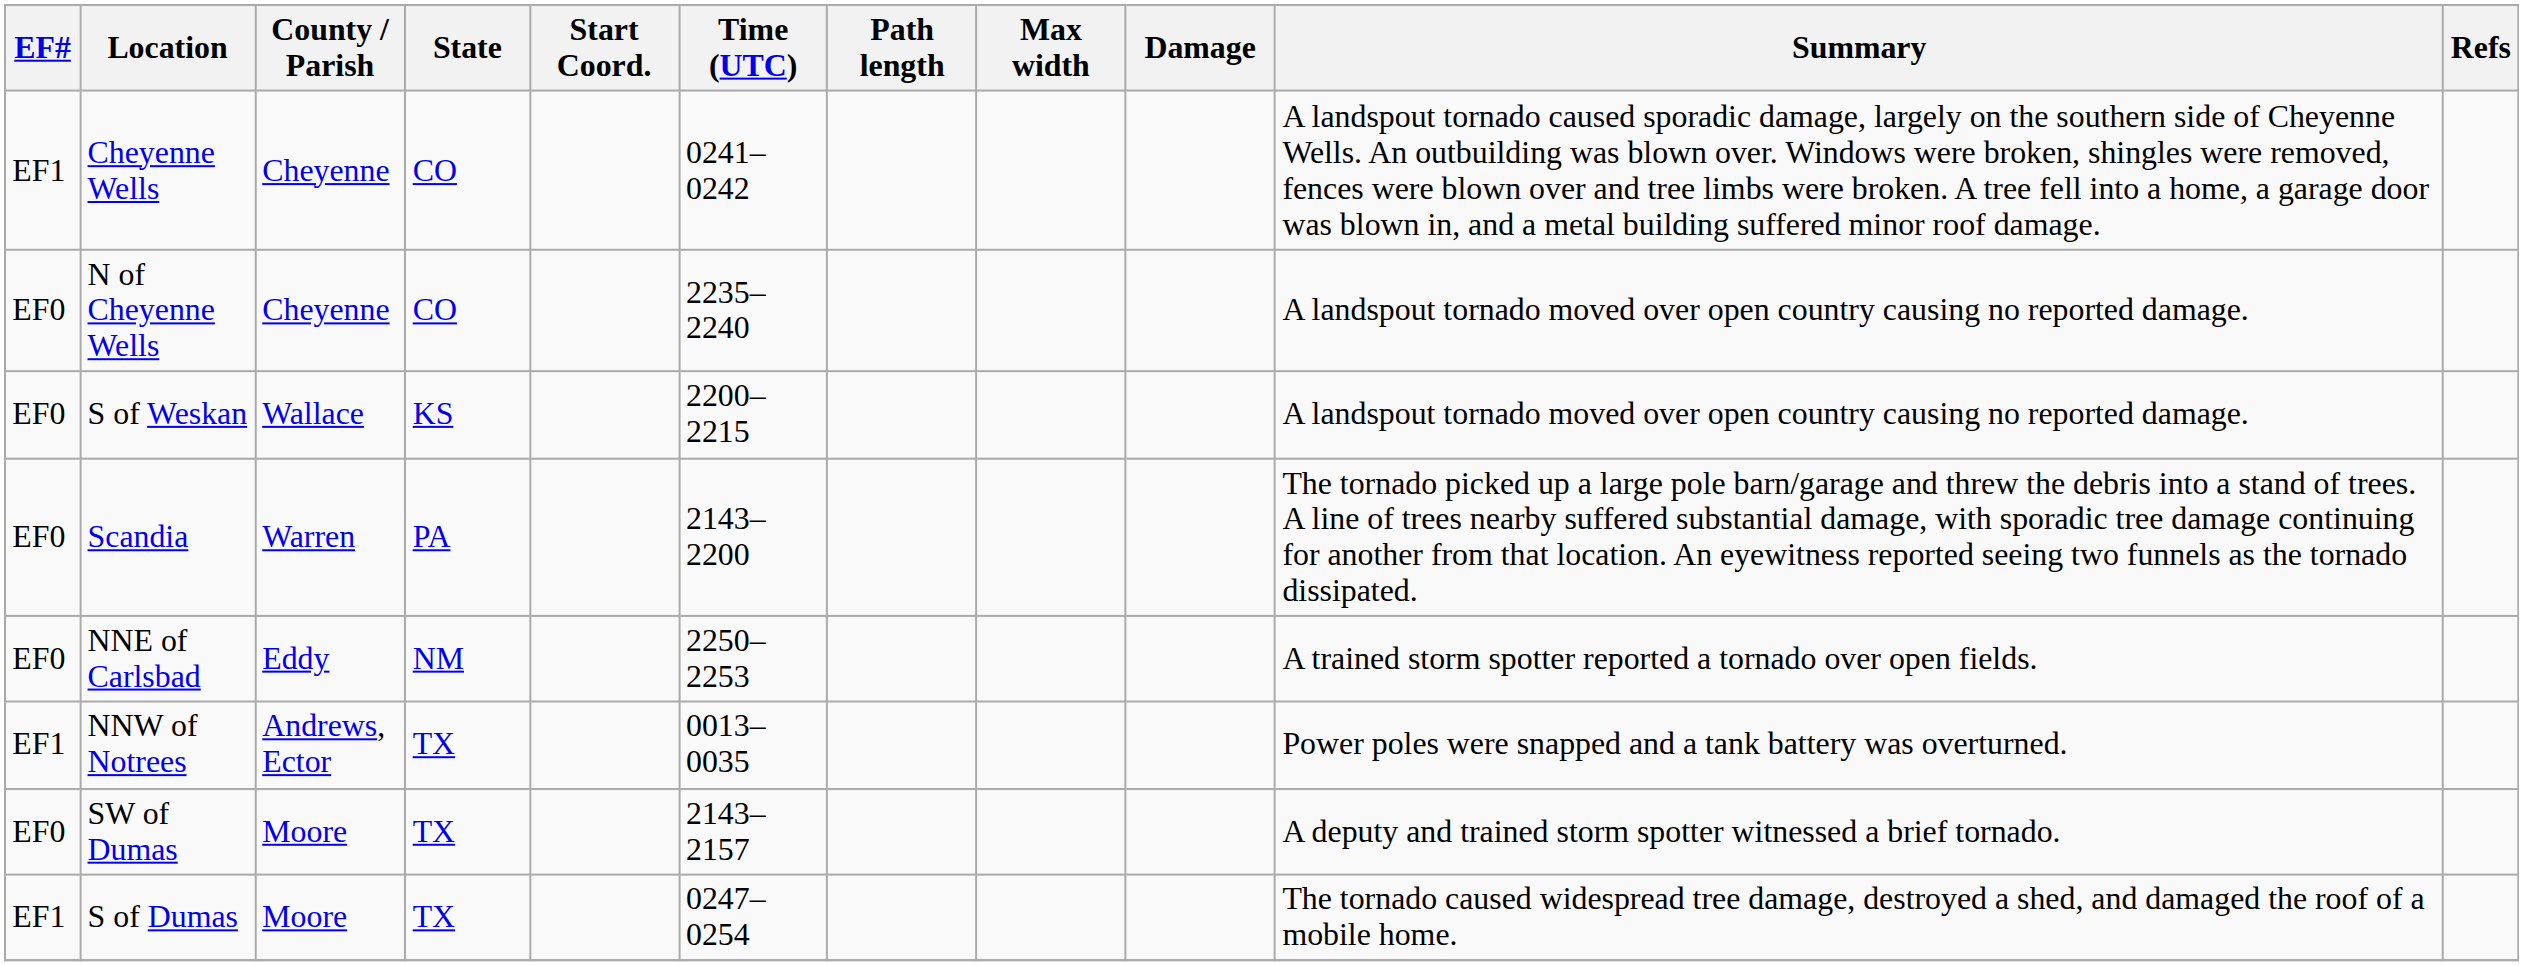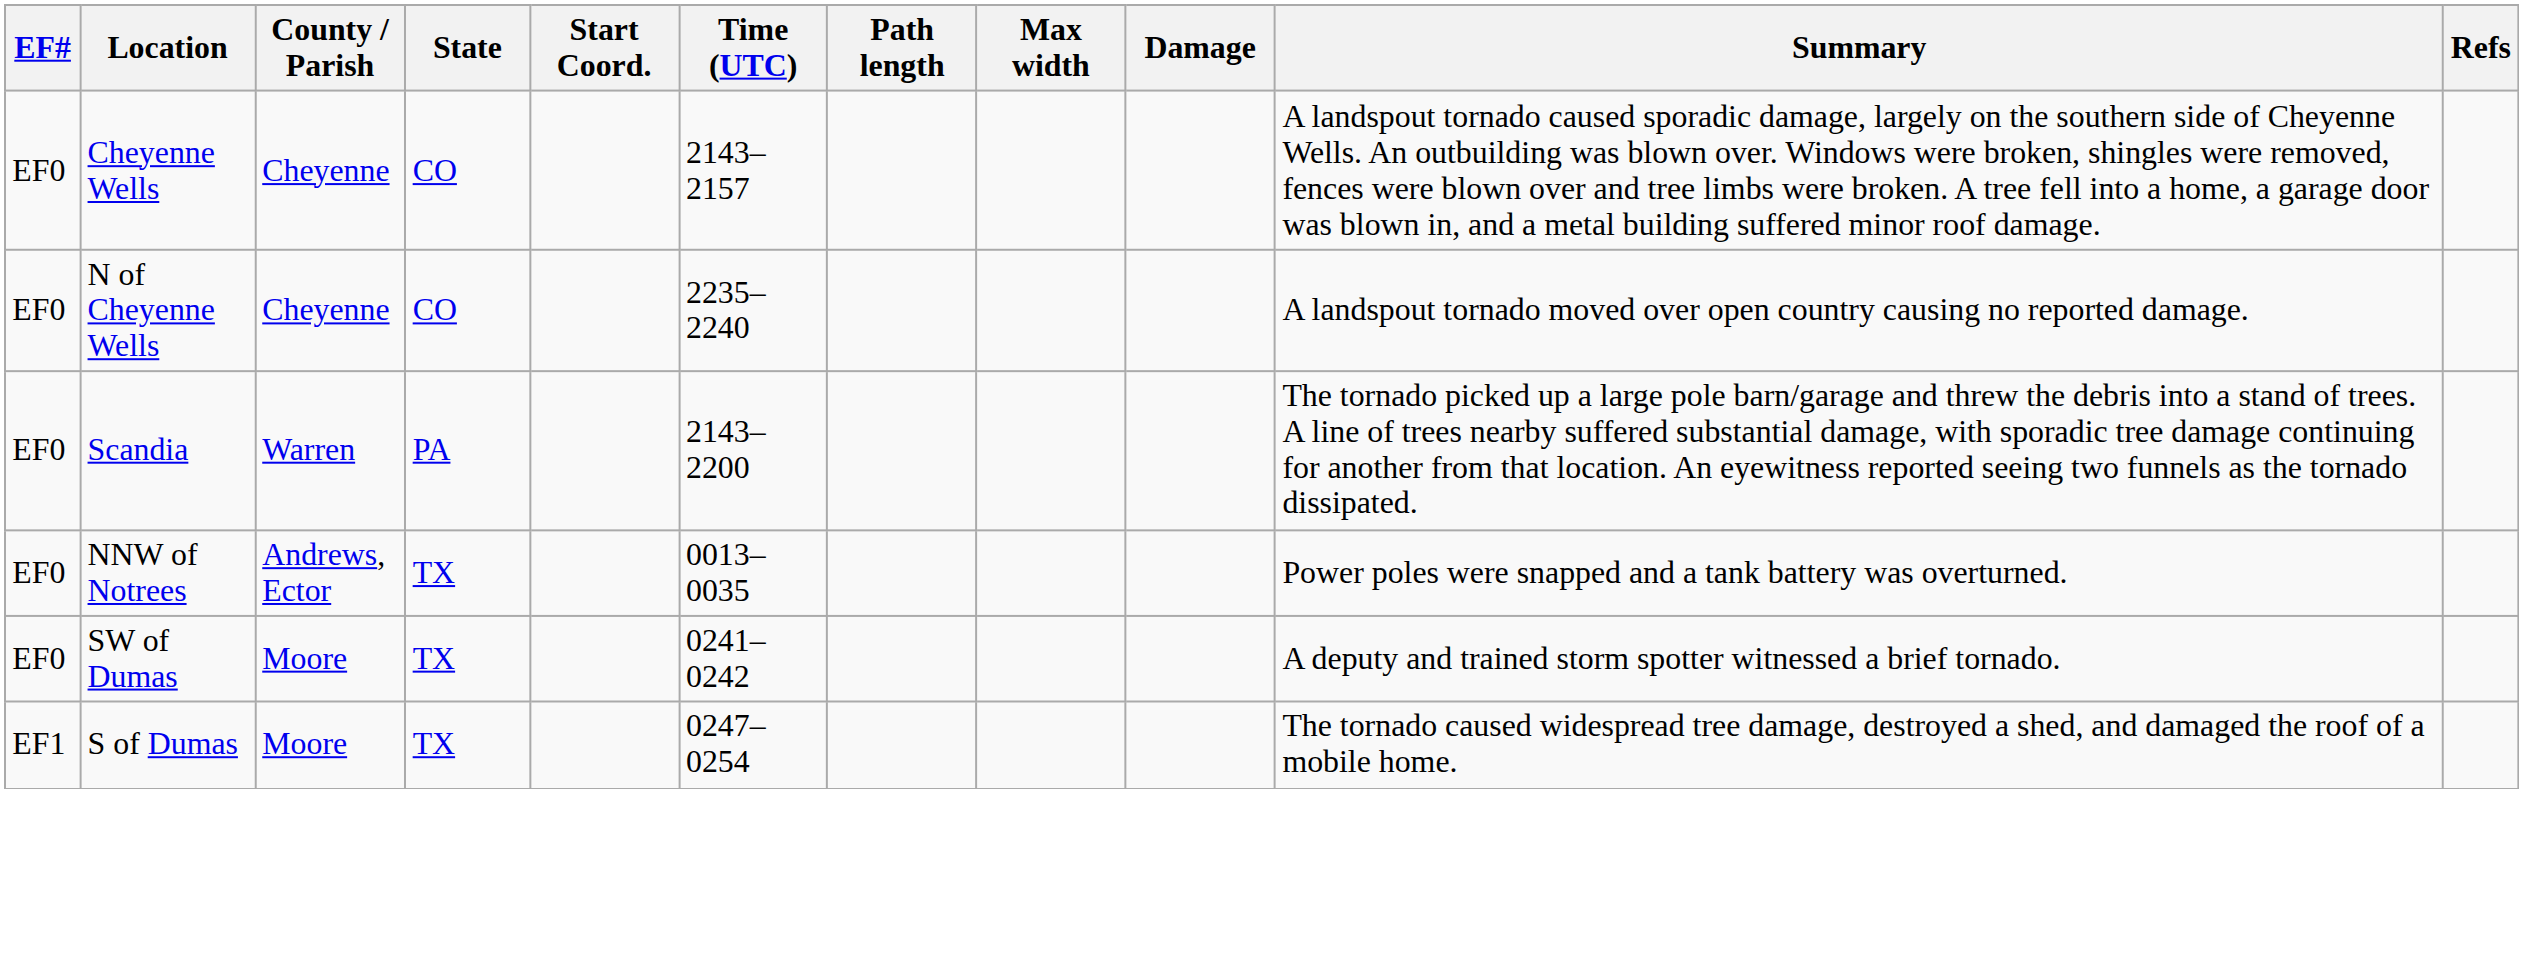 <table class="wikitable sortable" style="width:100%;">
 <tr>
 <th scope="col"  style="width:3%; text-align:center;"><a href='#'>EF#</a></th>
 <th scope="col"  style="width:7%; text-align:center;" class="unsortable">Location</th>
 <th scope="col"  style="width:6%; text-align:center;" class="unsortable">County / Parish</th>
 <th scope="col"  style="width:5%; text-align:center;">State</th>
 <th scope="col"  style="width:6%; text-align:center;">Start Coord.</th>
 <th scope="col"  style="width:6%; text-align:center;">Time (<a href='#'>UTC</a>)</th>
 <th scope="col"  style="width:6%; text-align:center;">Path length</th>
 <th scope="col"  style="width:6%; text-align:center;">Max width</th>
 <th scope="col"  style="width:6%; text-align:center;">Damage</th>
 <th scope="col" class="unsortable" style="width:48%; text-align:center;">Summary</th>
 <th scope="col" class="unsortable" style="width:48%; text-align:center;">Refs</th>
 </tr>
 <tr>
-<td>EF1</td>
+<td>EF0</td>
 <td><a href='#'>Cheyenne Wells</a></td>
 <td><a href='#'>Cheyenne</a></td>
 <td><a href='#'>CO</a></td>
 <td></td>
-<td>0241–0242</td>
+<td>2143–2157</td>
 <td></td>
 <td></td>
 <td></td>
 <td>A landspout tornado caused sporadic damage, largely on the southern side of Cheyenne Wells. An outbuilding was blown over. Windows were broken, shingles were removed, fences were blown over and tree limbs were broken. A tree fell into a home, a garage door was blown in, and a metal building suffered minor roof damage.</td>
 <td></td>
 </tr>
 <tr>
 <td>EF0</td>
 <td>N of <a href='#'>Cheyenne Wells</a></td>
 <td><a href='#'>Cheyenne</a></td>
 <td><a href='#'>CO</a></td>
 <td></td>
 <td>2235–2240</td>
 <td></td>
 <td></td>
 <td></td>
 <td>A landspout tornado moved over open country causing no reported damage.</td>
 <td></td>
 </tr>
 <tr>
 <td>EF0</td>
-<td>S of <a href='#'>Weskan</a></td>
-<td><a href='#'>Wallace</a></td>
-<td><a href='#'>KS</a></td>
-<td></td>
-<td>2200–2215</td>
-<td></td>
-<td></td>
-<td></td>
-<td>A landspout tornado moved over open country causing no reported damage.</td>
-<td></td>
-</tr>
-<tr>
-<td>EF0</td>
 <td><a href='#'>Scandia</a></td>
 <td><a href='#'>Warren</a></td>
 <td><a href='#'>PA</a></td>
 <td></td>
 <td>2143–2200</td>
 <td></td>
 <td></td>
 <td></td>
 <td>The tornado picked up a large pole barn/garage and threw the debris  into a stand of trees. A line of trees nearby suffered substantial damage, with sporadic tree damage continuing for another  from that location. An eyewitness reported seeing two funnels as the tornado dissipated.</td>
 <td></td>
 </tr>
 <tr>
 <td>EF0</td>
-<td>NNE of <a href='#'>Carlsbad</a></td>
-<td><a href='#'>Eddy</a></td>
-<td><a href='#'>NM</a></td>
-<td></td>
-<td>2250–2253</td>
-<td></td>
-<td></td>
-<td></td>
-<td>A trained storm spotter reported a tornado over open fields.</td>
-<td></td>
-</tr>
-<tr>
-<td>EF1</td>
 <td>NNW of <a href='#'>Notrees</a></td>
 <td><a href='#'>Andrews</a>, <a href='#'>Ector</a></td>
 <td><a href='#'>TX</a></td>
 <td></td>
 <td>0013–0035</td>
 <td></td>
 <td></td>
 <td></td>
 <td>Power poles were snapped and a tank battery was overturned.</td>
 <td></td>
 </tr>
 <tr>
 <td>EF0</td>
 <td>SW of <a href='#'>Dumas</a></td>
 <td><a href='#'>Moore</a></td>
 <td><a href='#'>TX</a></td>
 <td></td>
-<td>2143–2157</td>
+<td>0241–0242</td>
 <td></td>
 <td></td>
 <td></td>
 <td>A deputy and trained storm spotter witnessed a brief tornado.</td>
 <td></td>
 </tr>
 <tr>
 <td>EF1</td>
 <td>S of <a href='#'>Dumas</a></td>
 <td><a href='#'>Moore</a></td>
 <td><a href='#'>TX</a></td>
 <td></td>
 <td>0247–0254</td>
 <td></td>
 <td></td>
 <td></td>
 <td>The tornado caused widespread tree damage, destroyed a shed, and damaged the roof of a mobile home.</td>
 <td></td>
 </tr>
 <tr>
 </tr>
 </table>
